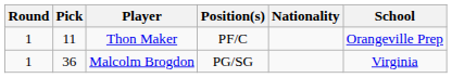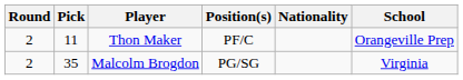 <table class="wikitable sortable sortable">
 <tr>
 <th>Round</th>
 <th>Pick</th>
 <th>Player</th>
 <th>Position(s)</th>
 <th>Nationality</th>
 <th>School</th>
 </tr>
 <tr style="text-align: center">
-<td>1</td>
+<td>2</td>
 <td>11</td>
 <td><a href='#'>Thon Maker</a></td>
 <td>PF/C</td>
 <td></td>
 <td> <a href='#'>Orangeville Prep</a></td>
 </tr>
 <tr style="text-align: center">
-<td>1</td>
-<td>36</td>
+<td>2</td>
+<td>35</td>
 <td><a href='#'>Malcolm Brogdon</a></td>
 <td>PG/SG</td>
 <td></td>
 <td><a href='#'>Virginia</a></td>
 </tr>
 </table>
